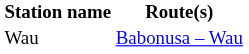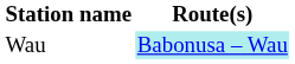 <table>
 <tr>
 <th>Station name</th>
 <th>Route(s)</th>
 </tr>
 <tr>
 <td>Wau</td>
-<td><a href='#'>Babonusa – Wau</a></td>
+<td style="background: paleturquoise;"><a href='#'>Babonusa – Wau</a></td>
 </tr>
 <tr>
 </tr>
 </table>
